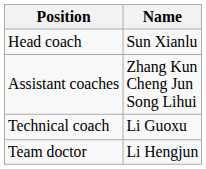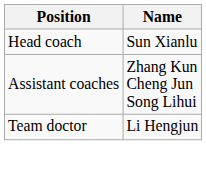 <table class="wikitable" style="text-align: left;">
 <tr>
 <th style="color:#000000;">Position</th>
 <th style="color:#000000;">Name</th>
 </tr>
 <tr>
 <td>Head coach</td>
 <td> Sun Xianlu</td>
 </tr>
 <tr>
 <td>Assistant coaches</td>
 <td> Zhang Kun <br> Cheng Jun<br> Song Lihui</td>
 </tr>
 <tr>
-<td>Technical coach</td>
-<td> Li Guoxu</td>
-</tr>
-<tr>
 <td>Team doctor</td>
 <td> Li Hengjun</td>
 </tr>
 </table>
